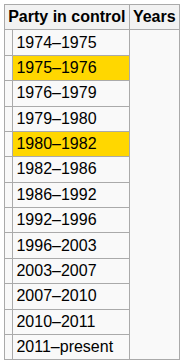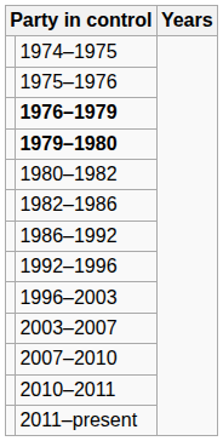 <table class="wikitable">
 <tr>
 <th colspan="2">Party in control</th>
 <th>Years</th>
 </tr>
 <tr>
 <td></td>
 <td>1974–1975</td>
 </tr>
 <tr>
 <td></td>
-<td style="background: gold;">1975–1976</td>
+<td>1975–1976</td>
 </tr>
 <tr>
 <td></td>
-<td>1976–1979</td>
+<td><strong>1976–1979</strong></td>
 </tr>
 <tr>
 <td></td>
-<td>1979–1980</td>
+<td><strong>1979–1980</strong></td>
 </tr>
 <tr>
 <td></td>
-<td style="background: gold;">1980–1982</td>
+<td>1980–1982</td>
 </tr>
 <tr>
 <td></td>
 <td>1982–1986</td>
 </tr>
 <tr>
 <td></td>
 <td>1986–1992</td>
 </tr>
 <tr>
 <td></td>
 <td>1992–1996</td>
 </tr>
 <tr>
 <td></td>
 <td>1996–2003</td>
 </tr>
 <tr>
 <td></td>
 <td>2003–2007</td>
 </tr>
 <tr>
 <td></td>
 <td>2007–2010</td>
 </tr>
 <tr>
 <td></td>
 <td>2010–2011</td>
 </tr>
 <tr>
 <td></td>
 <td>2011–present</td>
 </tr>
 </table>
